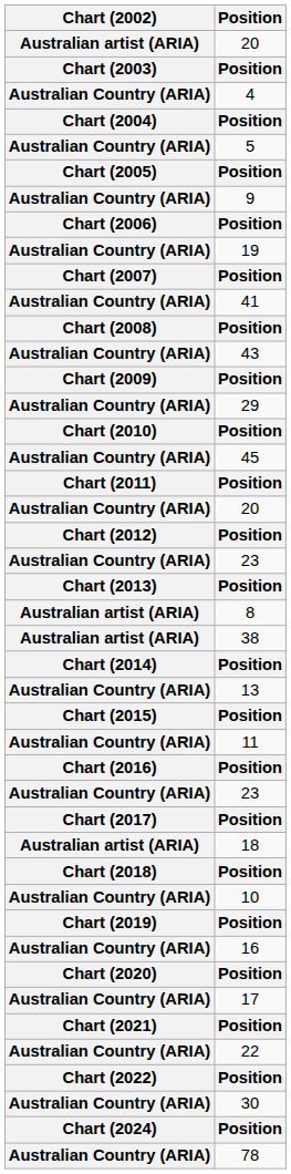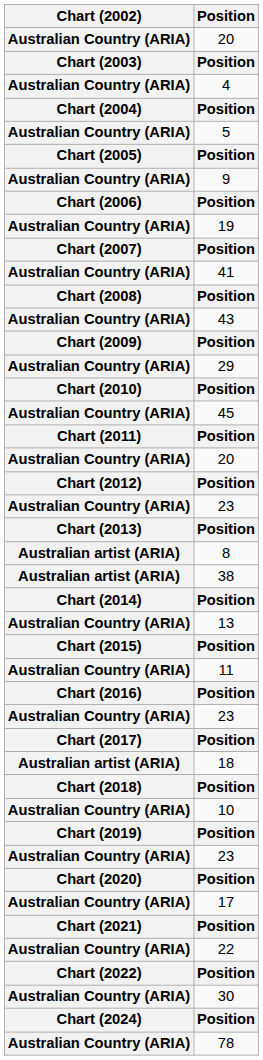 <table class="wikitable sortable plainrowheaders" style="text-align:center">
 <tr>
 <th scope="col">Chart (2002)</th>
 <th scope="col">Position</th>
 </tr>
 <tr>
-<th scope="row">Australian artist (ARIA)</th>
+<th scope="row">Australian Country (ARIA)</th>
 <td align="center">20</td>
 </tr>
 <tr>
 <th scope="col">Chart (2003)</th>
 <th scope="col">Position</th>
 </tr>
 <tr>
 <th scope="row">Australian Country (ARIA)</th>
 <td align="center">4</td>
 </tr>
 <tr>
 <th scope="col">Chart (2004)</th>
 <th scope="col">Position</th>
 </tr>
 <tr>
 <th scope="row">Australian Country (ARIA)</th>
 <td align="center">5</td>
 </tr>
 <tr>
 <th scope="col">Chart (2005)</th>
 <th scope="col">Position</th>
 </tr>
 <tr>
 <th scope="row">Australian Country (ARIA)</th>
 <td align="center">9</td>
 </tr>
 <tr>
 <th scope="col">Chart (2006)</th>
 <th scope="col">Position</th>
 </tr>
 <tr>
 <th scope="row">Australian Country (ARIA)</th>
 <td align="center">19</td>
 </tr>
 <tr>
 <th scope="col">Chart (2007)</th>
 <th scope="col">Position</th>
 </tr>
 <tr>
 <th scope="row">Australian Country (ARIA)</th>
 <td align="center">41</td>
 </tr>
 <tr>
 <th scope="col">Chart (2008)</th>
 <th scope="col">Position</th>
 </tr>
 <tr>
 <th scope="row">Australian Country (ARIA)</th>
 <td align="center">43</td>
 </tr>
 <tr>
 <th scope="col">Chart (2009)</th>
 <th scope="col">Position</th>
 </tr>
 <tr>
 <th scope="row">Australian Country (ARIA)</th>
 <td align="center">29</td>
 </tr>
 <tr>
 <th scope="col">Chart (2010)</th>
 <th scope="col">Position</th>
 </tr>
 <tr>
 <th scope="row">Australian Country (ARIA)</th>
 <td align="center">45</td>
 </tr>
 <tr>
 <th scope="col">Chart (2011)</th>
 <th scope="col">Position</th>
 </tr>
 <tr>
 <th scope="row">Australian Country (ARIA)</th>
 <td align="center">20</td>
 </tr>
 <tr>
 <th scope="col">Chart (2012)</th>
 <th scope="col">Position</th>
 </tr>
 <tr>
 <th scope="row">Australian Country (ARIA)</th>
 <td align="center">23</td>
 </tr>
 <tr>
 <th scope="col">Chart (2013)</th>
 <th scope="col">Position</th>
 </tr>
 <tr>
 <th scope="row">Australian artist (ARIA)</th>
 <td align="center">8</td>
 </tr>
 <tr>
 <th scope="row">Australian artist (ARIA)</th>
 <td align="center">38</td>
 </tr>
 <tr>
 <th scope="col">Chart (2014)</th>
 <th scope="col">Position</th>
 </tr>
 <tr>
 <th scope="row">Australian Country (ARIA)</th>
 <td align="center">13</td>
 </tr>
 <tr>
 <th scope="col">Chart (2015)</th>
 <th scope="col">Position</th>
 </tr>
 <tr>
 <th scope="row">Australian Country (ARIA)</th>
 <td align="center">11</td>
 </tr>
 <tr>
 <th scope="col">Chart (2016)</th>
 <th scope="col">Position</th>
 </tr>
 <tr>
 <th scope="row">Australian Country (ARIA)</th>
 <td align="center">23</td>
 </tr>
 <tr>
 <th scope="col">Chart (2017)</th>
 <th scope="col">Position</th>
 </tr>
 <tr>
 <th scope="row">Australian artist (ARIA)</th>
 <td align="center">18</td>
 </tr>
 <tr>
 <th scope="col">Chart (2018)</th>
 <th scope="col">Position</th>
 </tr>
 <tr>
 <th scope="row">Australian Country (ARIA)</th>
 <td align="center">10</td>
 </tr>
 <tr>
 <th scope="col">Chart (2019)</th>
 <th scope="col">Position</th>
 </tr>
 <tr>
 <th scope="row">Australian Country (ARIA)</th>
-<td align="center">16</td>
+<td align="center">23</td>
 </tr>
 <tr>
 <th scope="col">Chart (2020)</th>
 <th scope="col">Position</th>
 </tr>
 <tr>
 <th scope="row">Australian Country (ARIA)</th>
 <td align="center">17</td>
 </tr>
 <tr>
 <th scope="col">Chart (2021)</th>
 <th scope="col">Position</th>
 </tr>
 <tr>
 <th scope="row">Australian Country (ARIA)</th>
 <td align="center">22</td>
 </tr>
 <tr>
 <th scope="col">Chart (2022)</th>
 <th scope="col">Position</th>
 </tr>
 <tr>
 <th scope="row">Australian Country (ARIA)</th>
 <td>30</td>
 </tr>
 <tr>
 <th scope="col">Chart (2024)</th>
 <th scope="col">Position</th>
 </tr>
 <tr>
 <th scope="row">Australian Country (ARIA)</th>
 <td>78</td>
 </tr>
 </table>
